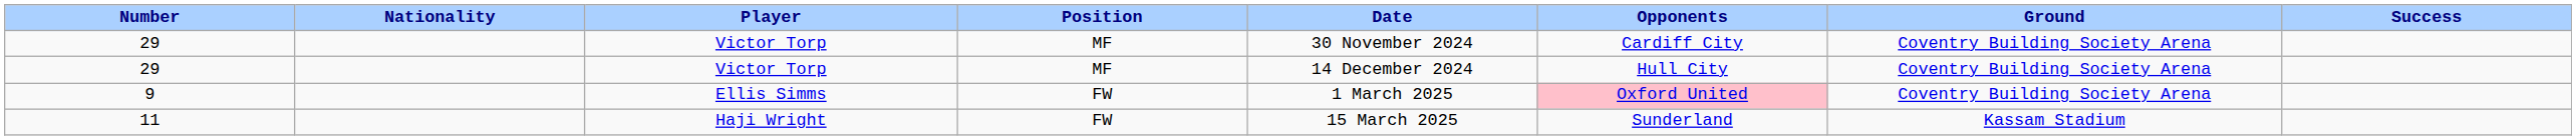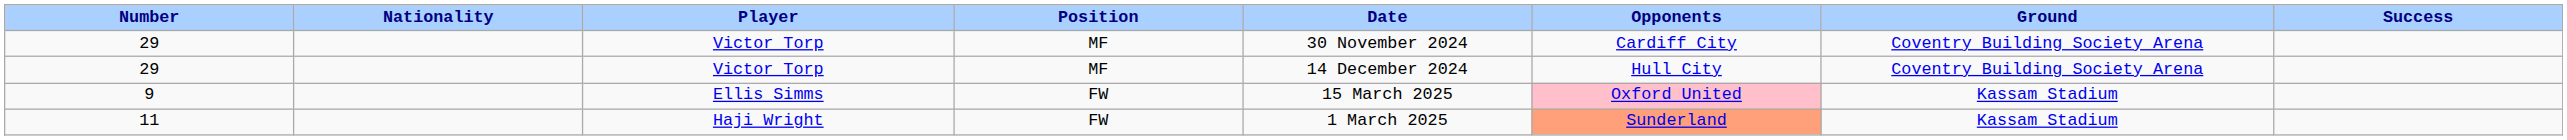 <table class="wikitable sortable alternance" style="font-size:100%; text-align:center; line-height:14px; width:100%;">
 <tr>
 <th style="background:#AAD0FF; color:#000080; width:100px;">Number</th>
 <th style="background:#AAD0FF; color:#000080; width:100px;">Nationality</th>
 <th style="background:#AAD0FF; color:#000080; width:130px;">Player</th>
 <th style="background:#AAD0FF; color:#000080; width:100px;">Position</th>
 <th style="background:#AAD0FF; color:#000080; width:100px;">Date</th>
 <th style="background:#AAD0FF; color:#000080; width:100px;">Opponents</th>
 <th style="background:#AAD0FF; color:#000080; width:160px;">Ground</th>
 <th style="background:#AAD0FF; color:#000080; width:100px;">Success</th>
 </tr>
 <tr>
 <td>29</td>
 <td></td>
 <td><a href='#'>Victor Torp</a></td>
 <td>MF</td>
 <td>30 November 2024</td>
 <td><a href='#'>Cardiff City</a></td>
 <td><a href='#'>Coventry Building Society Arena</a></td>
 <td></td>
 </tr>
 <tr>
 <td>29</td>
 <td></td>
 <td><a href='#'>Victor Torp</a></td>
 <td>MF</td>
 <td>14 December 2024</td>
 <td><a href='#'>Hull City</a></td>
 <td><a href='#'>Coventry Building Society Arena</a></td>
 <td></td>
 </tr>
 <tr>
 <td>9</td>
 <td></td>
 <td><a href='#'>Ellis Simms</a></td>
 <td>FW</td>
-<td>1 March 2025</td>
+<td>15 March 2025</td>
 <td style="background: pink;"><a href='#'>Oxford United</a></td>
-<td><a href='#'>Coventry Building Society Arena</a></td>
+<td><a href='#'>Kassam Stadium</a></td>
 <td></td>
 </tr>
 <tr>
 <td>11</td>
 <td></td>
 <td><a href='#'>Haji Wright</a></td>
 <td>FW</td>
-<td>15 March 2025</td>
-<td><a href='#'>Sunderland</a></td>
+<td>1 March 2025</td>
+<td style="background: lightsalmon;"><a href='#'>Sunderland</a></td>
 <td><a href='#'>Kassam Stadium</a></td>
 <td></td>
 </tr>
 </table>
